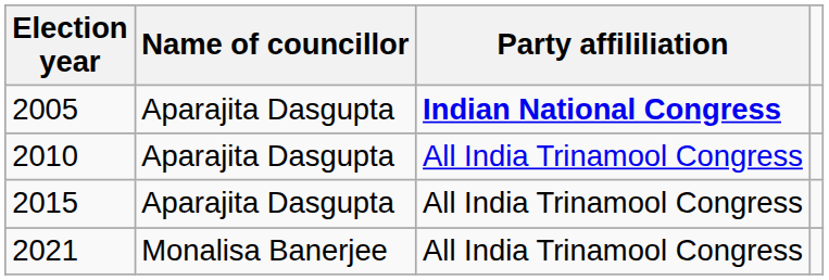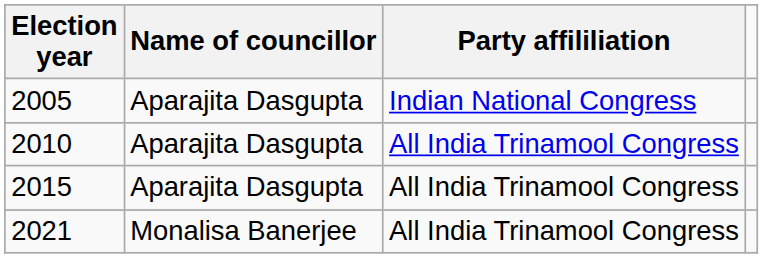 <table class="wikitable"ìÍĦĤĠčw>
 <tr>
 <th>Election<br> year</th>
 <th>Name of councillor</th>
 <th>Party affililiation</th>
 </tr>
 <tr>
 <td>2005</td>
 <td>Aparajita Dasgupta</td>
-<td><strong><a href='#'>Indian National Congress</a></strong></td>
+<td><a href='#'>Indian National Congress</a></td>
 <td></td>
 </tr>
 <tr>
 <td>2010</td>
 <td>Aparajita Dasgupta</td>
 <td><a href='#'>All India Trinamool Congress</a></td>
 <td></td>
 </tr>
 <tr>
 <td>2015</td>
 <td>Aparajita Dasgupta</td>
 <td>All India Trinamool Congress</td>
 <td></td>
 </tr>
 <tr>
 <td>2021</td>
 <td>Monalisa Banerjee</td>
 <td>All India Trinamool Congress</td>
 </tr>
 </table>
